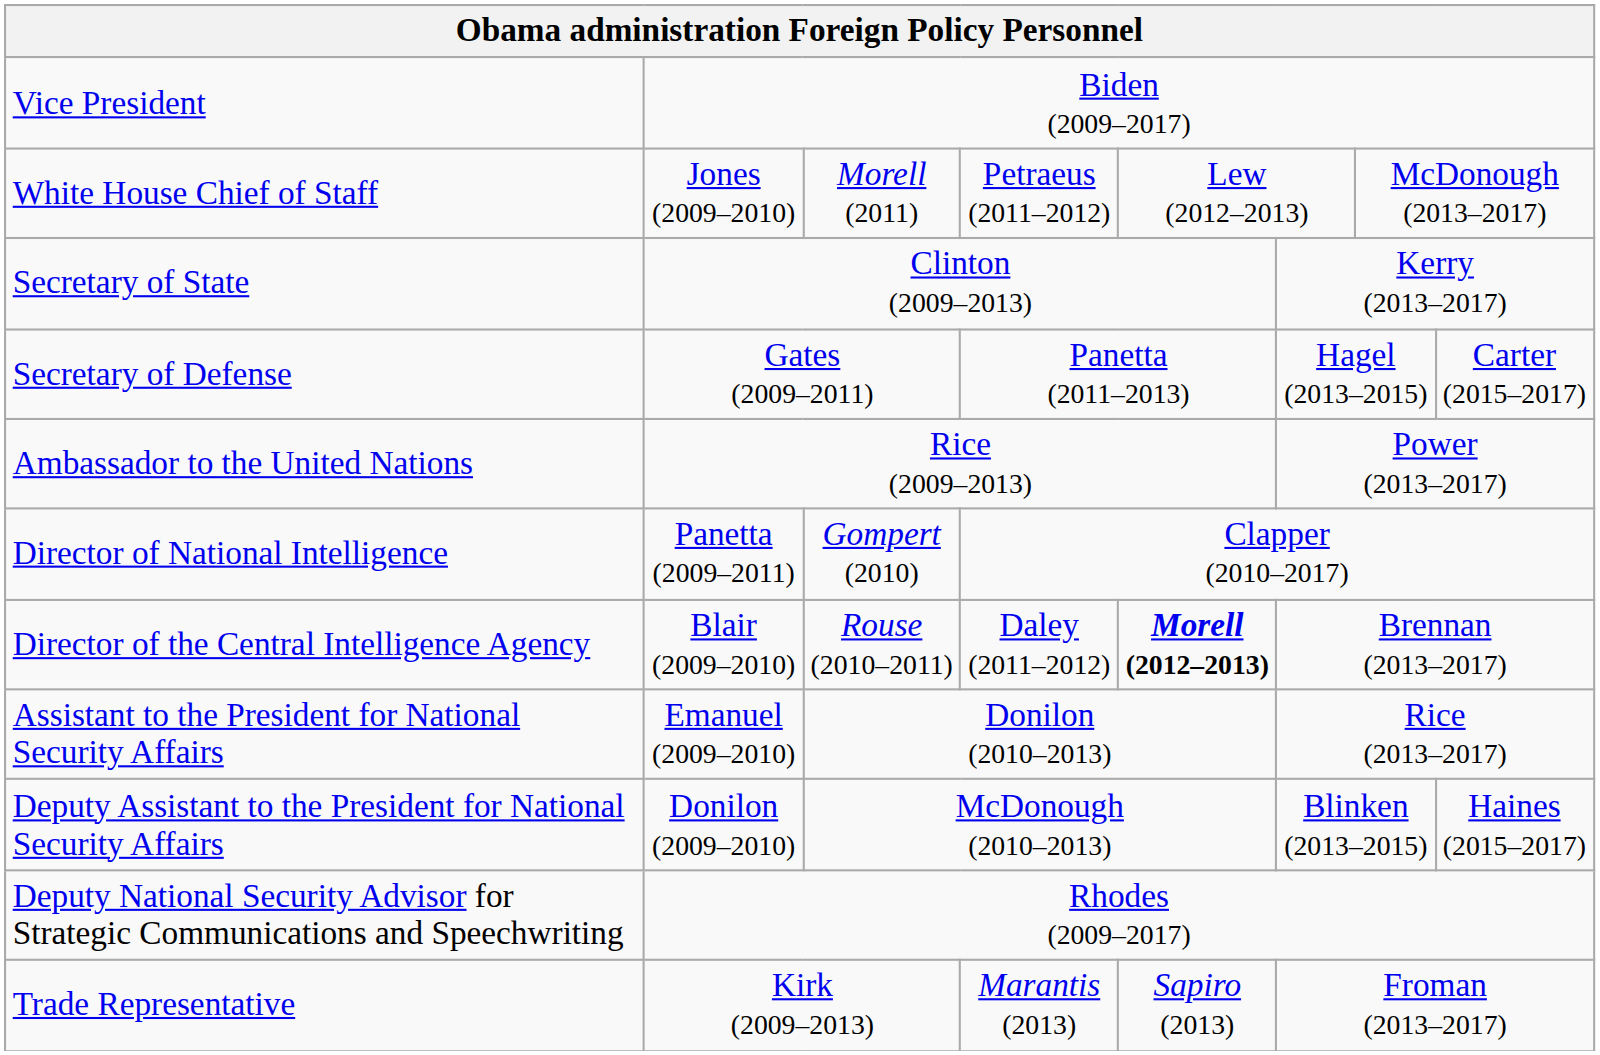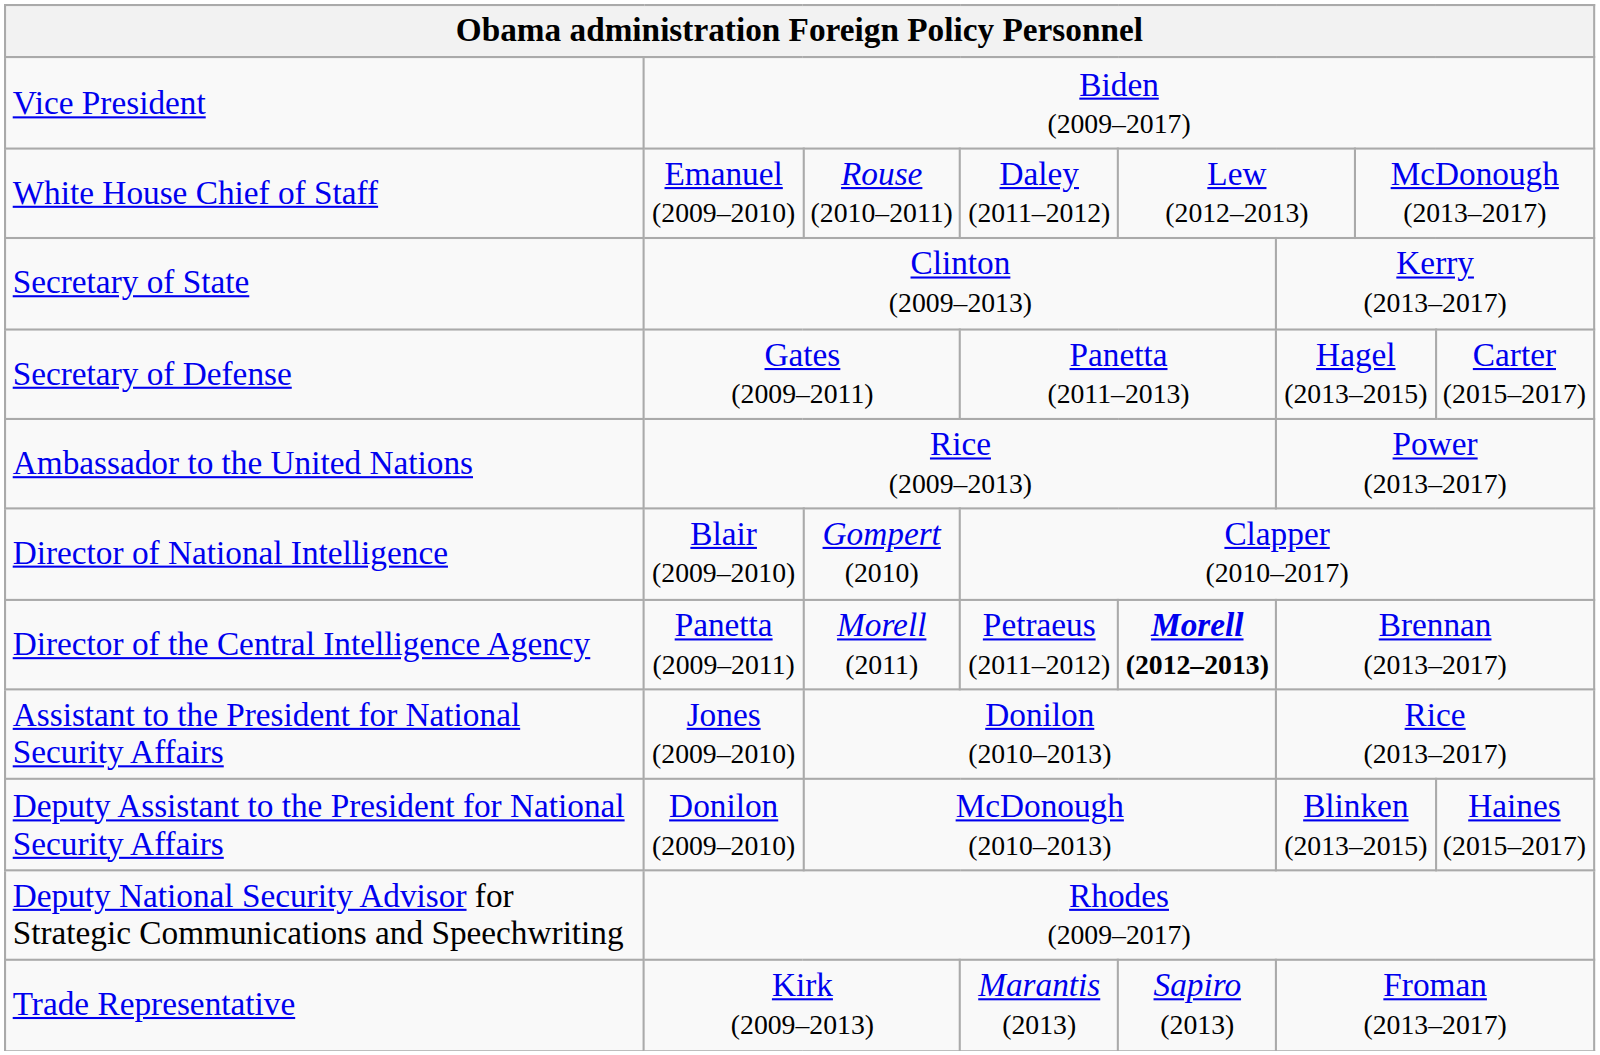 <table class=wikitable style="text-align:center">
 <tr>
 <th colspan="8">Obama administration Foreign Policy Personnel</th>
 </tr>
 <tr>
 <td style="width:225pt; text-align:left;"><a href='#'>Vice President</a></td>
 <td colspan="7"><a href='#'>Biden</a><br><small>(2009–2017)</small></td>
 </tr>
 <tr>
 <td style="width:225pt; text-align:left;"><a href='#'>White House Chief of Staff</a></td>
-<td><a href='#'>Jones</a><br><small>(2009–2010)</small></td>
-<td><em><a href='#'>Morell</a></em><br><small>(2011)</small></td>
-<td><a href='#'>Petraeus</a><br><small>(2011–2012)</small></td>
+<td><a href='#'>Emanuel</a><br><small>(2009–2010)</small></td>
+<td><em><a href='#'>Rouse</a></em><br><small>(2010–2011)</small></td>
+<td><a href='#'>Daley</a><br><small>(2011–2012)</small></td>
 <td colspan="2"><a href='#'>Lew</a><br><small>(2012–2013)</small></td>
 <td colspan="3"><a href='#'>McDonough</a><br><small>(2013–2017)</small></td>
 </tr>
 <tr>
 <td style="width:225pt; text-align:left;"><a href='#'>Secretary of State</a></td>
 <td colspan="4"><a href='#'>Clinton</a><br><small>(2009–2013)</small></td>
 <td colspan="3"><a href='#'>Kerry</a><br><small>(2013–2017)</small></td>
 </tr>
 <tr>
 <td style="width:225pt; text-align:left;"><a href='#'>Secretary of Defense</a></td>
 <td colspan="2"><a href='#'>Gates</a><br><small>(2009–2011)</small></td>
 <td colspan="2"><a href='#'>Panetta</a><br><small>(2011–2013)</small></td>
 <td colspan="2"><a href='#'>Hagel</a><br><small>(2013–2015)</small></td>
 <td><a href='#'>Carter</a><br><small>(2015–2017)</small></td>
 </tr>
 <tr>
 <td style="width:225pt; text-align:left;"><a href='#'>Ambassador to the United Nations</a></td>
 <td colspan="4"><a href='#'>Rice</a><br><small>(2009–2013)</small></td>
 <td colspan="3"><a href='#'>Power</a><br><small>(2013–2017)</small></td>
 </tr>
 <tr>
 <td style="width:225pt; text-align:left;"><a href='#'>Director of National Intelligence</a></td>
-<td><a href='#'>Panetta</a><br><small>(2009–2011)</small></td>
+<td><a href='#'>Blair</a><br><small>(2009–2010)</small></td>
 <td><em><a href='#'>Gompert</a></em><br><small>(2010)</small></td>
 <td colspan="5"><a href='#'>Clapper</a><br><small>(2010–2017)</small></td>
 </tr>
 <tr>
 <td style="width:225pt; text-align:left;"><a href='#'>Director of the Central Intelligence Agency</a></td>
-<td><a href='#'>Blair</a><br><small>(2009–2010)</small></td>
-<td><em><a href='#'>Rouse</a></em><br><small>(2010–2011)</small></td>
-<td><a href='#'>Daley</a><br><small>(2011–2012)</small></td>
+<td><a href='#'>Panetta</a><br><small>(2009–2011)</small></td>
+<td><em><a href='#'>Morell</a></em><br><small>(2011)</small></td>
+<td><a href='#'>Petraeus</a><br><small>(2011–2012)</small></td>
 <td><strong><em><a href='#'>Morell</a></em><br><small>(2012–2013)</small></strong></td>
 <td colspan="3"><a href='#'>Brennan</a><br><small>(2013–2017)</small></td>
 </tr>
 <tr>
 <td style="width:225pt; text-align:left;"><a href='#'>Assistant to the President for National Security Affairs</a></td>
-<td><a href='#'>Emanuel</a><br><small>(2009–2010)</small></td>
+<td><a href='#'>Jones</a><br><small>(2009–2010)</small></td>
 <td colspan="3"><a href='#'>Donilon</a><br><small>(2010–2013)</small></td>
 <td colspan="3"><a href='#'>Rice</a><br><small>(2013–2017)</small></td>
 </tr>
 <tr>
 <td style="width:225pt; text-align:left;"><a href='#'>Deputy Assistant to the President for National Security Affairs</a></td>
 <td><a href='#'>Donilon</a><br><small>(2009–2010)</small></td>
 <td colspan="3"><a href='#'>McDonough</a><br><small>(2010–2013)</small></td>
 <td colspan="2"><a href='#'>Blinken</a><br><small>(2013–2015)</small></td>
 <td><a href='#'>Haines</a><br><small>(2015–2017)</small></td>
 </tr>
 <tr>
 <td style="width:225pt; text-align:left;"><a href='#'>Deputy National Security Advisor</a> for Strategic Communications and Speechwriting</td>
 <td colspan="7"><a href='#'>Rhodes</a><br><small>(2009–2017)</small></td>
 </tr>
 <tr>
 <td style="width:225pt; text-align:left;"><a href='#'>Trade Representative</a></td>
 <td colspan="2"><a href='#'>Kirk</a><br><small>(2009–2013)</small></td>
 <td><em><a href='#'>Marantis</a></em><br><small>(2013)</small></td>
 <td><em><a href='#'>Sapiro</a></em><br><small>(2013)</small></td>
 <td colspan="3"><a href='#'>Froman</a><br><small>(2013–2017)</small></td>
 </tr>
 </table>
